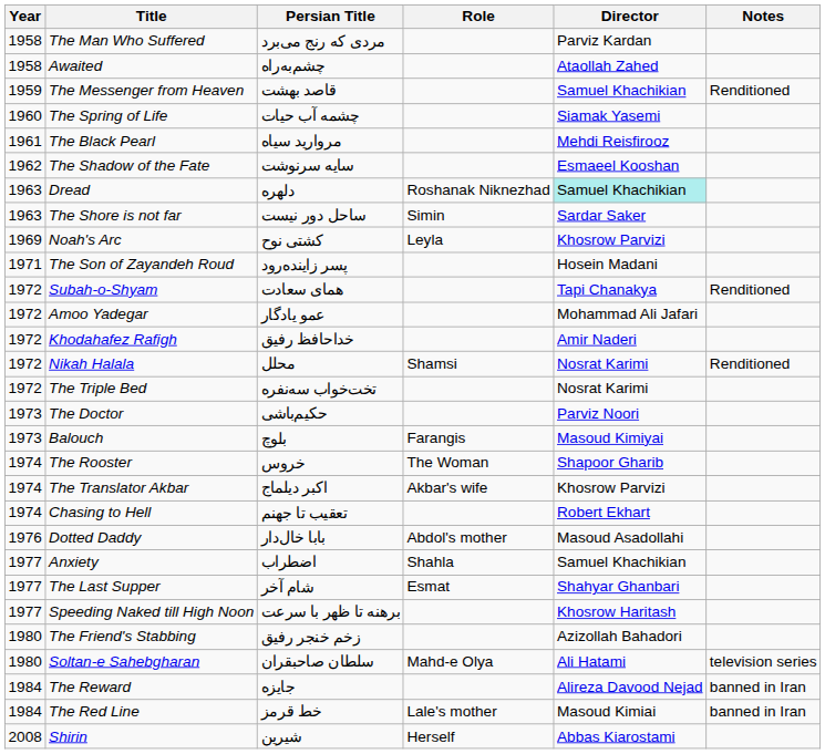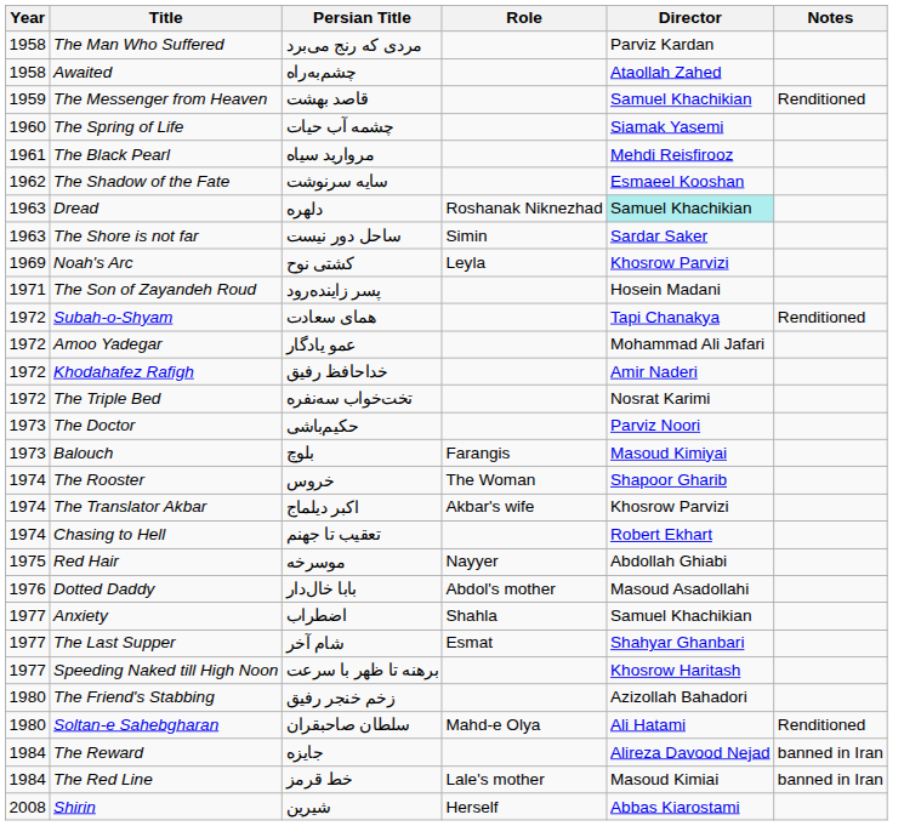 <table class="wikitable sortable">
 <tr>
 <th>Year</th>
 <th>Title</th>
 <th>Persian Title</th>
 <th>Role</th>
 <th>Director</th>
 <th class="unsortable">Notes</th>
 </tr>
 <tr>
 <td>1958</td>
 <td><em>The Man Who Suffered</em></td>
 <td>مردی که رنج می‌برد</td>
 <td></td>
 <td>Parviz Kardan</td>
 <td></td>
 </tr>
 <tr>
 <td>1958</td>
 <td><em>Awaited</em></td>
 <td>چشم‌به‌راه</td>
 <td></td>
 <td><a href='#'>Ataollah Zahed</a></td>
 <td></td>
 </tr>
 <tr>
 <td>1959</td>
 <td><em>The Messenger from Heaven</em></td>
 <td>قاصد بهشت</td>
 <td></td>
 <td><a href='#'>Samuel Khachikian</a></td>
 <td>Renditioned</td>
 </tr>
 <tr>
 <td>1960</td>
 <td><em>The Spring of Life</em></td>
 <td>چشمه‌ آب حیات</td>
 <td></td>
 <td><a href='#'>Siamak Yasemi</a></td>
 <td></td>
 </tr>
 <tr>
 <td>1961</td>
 <td><em>The Black Pearl</em></td>
 <td>مروارید سیاه</td>
 <td></td>
 <td><a href='#'>Mehdi Reisfirooz</a></td>
 <td></td>
 </tr>
 <tr>
 <td>1962</td>
 <td><em>The Shadow of the Fate</em></td>
 <td>سایه‌ سرنوشت</td>
 <td></td>
 <td><a href='#'>Esmaeel Kooshan</a></td>
 <td></td>
 </tr>
 <tr>
 <td>1963</td>
 <td><em>Dread</em></td>
 <td>دلهره</td>
 <td>Roshanak Niknezhad</td>
 <td style="background: paleturquoise;">Samuel Khachikian</td>
 <td></td>
 </tr>
 <tr>
 <td>1963</td>
 <td><em>The Shore is not far</em></td>
 <td>ساحل دور نیست</td>
 <td>Simin</td>
 <td><a href='#'>Sardar Saker</a></td>
 <td></td>
 </tr>
 <tr>
 <td>1969</td>
 <td><em>Noah's Arc</em></td>
 <td>کشتی نوح</td>
 <td>Leyla</td>
 <td><a href='#'>Khosrow Parvizi</a></td>
 <td></td>
 </tr>
 <tr>
 <td>1971</td>
 <td><em>The Son of Zayandeh Roud</em></td>
 <td>پسر زاینده‌رود</td>
 <td></td>
 <td>Hosein Madani</td>
 <td></td>
 </tr>
 <tr>
 <td>1972</td>
 <td><em><a href='#'>Subah-o-Shyam</a></em></td>
 <td>همای سعادت</td>
 <td></td>
 <td><a href='#'>Tapi Chanakya</a></td>
 <td>Renditioned</td>
 </tr>
 <tr>
 <td>1972</td>
 <td><em>Amoo Yadegar</em></td>
 <td>عمو یادگار</td>
 <td></td>
 <td>Mohammad Ali Jafari</td>
 <td></td>
 </tr>
 <tr>
 <td>1972</td>
 <td><em><a href='#'>Khodahafez Rafigh</a></em></td>
 <td>خداحافظ رفیق</td>
 <td></td>
 <td><a href='#'>Amir Naderi</a></td>
 <td></td>
 </tr>
 <tr>
 <td>1972</td>
-<td><em><a href='#'>Nikah Halala</a></em></td>
-<td>محلل</td>
-<td>Shamsi</td>
-<td><a href='#'>Nosrat Karimi</a></td>
-<td>Renditioned</td>
-</tr>
-<tr>
-<td>1972</td>
 <td><em>The Triple Bed</em></td>
 <td>تخت‌خواب سه‌نفره</td>
 <td></td>
 <td>Nosrat Karimi</td>
 <td></td>
 </tr>
 <tr>
 <td>1973</td>
 <td><em>The Doctor</em></td>
 <td>حکیم‌باشی</td>
 <td></td>
 <td><a href='#'>Parviz Noori</a></td>
 <td></td>
 </tr>
 <tr>
 <td>1973</td>
 <td><em>Balouch</em></td>
 <td>بلوچ</td>
 <td>Farangis</td>
 <td><a href='#'>Masoud Kimiyai</a></td>
 <td></td>
 </tr>
 <tr>
 <td>1974</td>
 <td><em>The Rooster</em></td>
 <td>خروس</td>
 <td>The Woman</td>
 <td><a href='#'>Shapoor Gharib</a></td>
 <td></td>
 </tr>
 <tr>
 <td>1974</td>
 <td><em>The Translator Akbar</em></td>
 <td>اکبر دیلماج</td>
 <td>Akbar's wife</td>
 <td>Khosrow Parvizi</td>
 <td></td>
 </tr>
 <tr>
 <td>1974</td>
 <td><em>Chasing to Hell</em></td>
 <td>تعقیب تا جهنم</td>
 <td></td>
 <td><a href='#'>Robert Ekhart</a></td>
+<td></td>
+</tr>
+<tr>
+<td>1975</td>
+<td><em>Red Hair</em></td>
+<td>موسرخه</td>
+<td>Nayyer</td>
+<td>Abdollah Ghiabi</td>
 <td></td>
 </tr>
 <tr>
 <td>1976</td>
 <td><em>Dotted Daddy</em></td>
 <td>بابا خال‌دار</td>
 <td>Abdol's mother</td>
 <td>Masoud Asadollahi</td>
 <td></td>
 </tr>
 <tr>
 <td>1977</td>
 <td><em>Anxiety</em></td>
 <td>اضطراب</td>
 <td>Shahla</td>
 <td>Samuel Khachikian</td>
 <td></td>
 </tr>
 <tr>
 <td>1977</td>
 <td><em>The Last Supper</em></td>
 <td>شام آخر</td>
 <td>Esmat</td>
 <td><a href='#'>Shahyar Ghanbari</a></td>
 <td></td>
 </tr>
 <tr>
 <td>1977</td>
 <td><em>Speeding Naked till High Noon</em></td>
 <td>برهنه تا ظهر با سرعت</td>
 <td></td>
 <td><a href='#'>Khosrow Haritash</a></td>
 <td></td>
 </tr>
 <tr>
 <td>1980</td>
 <td><em>The Friend's Stabbing</em></td>
 <td>زخم خنجر رفیق</td>
 <td></td>
 <td>Azizollah Bahadori</td>
 <td></td>
 </tr>
 <tr>
 <td>1980</td>
 <td><em><a href='#'>Soltan-e Sahebgharan</a></em></td>
 <td>سلطان صاحبقران</td>
 <td>Mahd-e Olya</td>
 <td><a href='#'>Ali Hatami</a></td>
-<td>television series</td>
+<td>Renditioned</td>
 </tr>
 <tr>
 <td>1984</td>
 <td><em>The Reward</em></td>
 <td>جایزه</td>
 <td></td>
 <td><a href='#'>Alireza Davood Nejad</a></td>
 <td>banned in Iran</td>
 </tr>
 <tr>
 <td>1984</td>
 <td><em>The Red Line</em></td>
 <td>خط قرمز</td>
 <td>Lale's mother</td>
 <td>Masoud Kimiai</td>
 <td>banned in Iran</td>
 </tr>
 <tr>
 <td>2008</td>
 <td><em><a href='#'>Shirin</a></em></td>
 <td>شیرین</td>
 <td>Herself</td>
 <td><a href='#'>Abbas Kiarostami</a></td>
 <td></td>
 </tr>
 </table>
